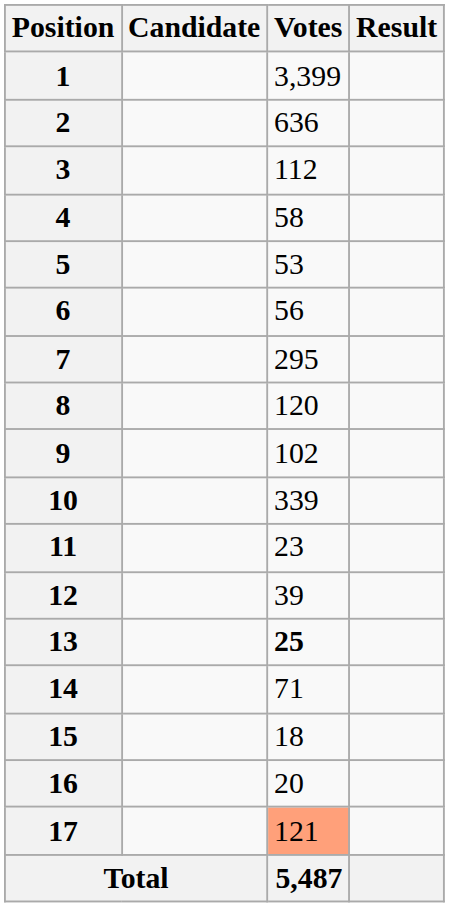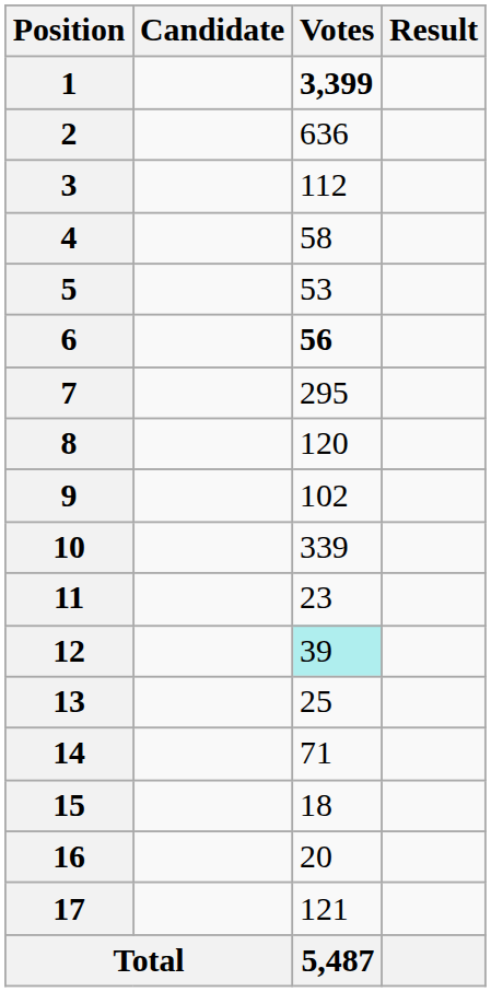 <table class="wikitable sortable col3right">
 <tr>
 <th scope="col">Position</th>
 <th scope="col">Candidate</th>
 <th scope="col">Votes</th>
 <th scope="col">Result</th>
 </tr>
 <tr>
 <th scope="row">1</th>
 <td></td>
-<td>3,399</td>
+<td><strong>3,399</strong></td>
 <td></td>
 </tr>
 <tr>
 <th scope="row">2</th>
 <td></td>
 <td>636</td>
 <td></td>
 </tr>
 <tr>
 <th scope="row">3</th>
 <td></td>
 <td>112</td>
 <td></td>
 </tr>
 <tr>
 <th scope="row">4</th>
 <td></td>
 <td>58</td>
 <td></td>
 </tr>
 <tr>
 <th scope="row">5</th>
 <td></td>
 <td>53</td>
 <td></td>
 </tr>
 <tr>
 <th scope="row">6</th>
 <td></td>
-<td>56</td>
+<td><strong>56</strong></td>
 <td></td>
 </tr>
 <tr>
 <th scope="row">7</th>
 <td></td>
 <td>295</td>
 <td></td>
 </tr>
 <tr>
 <th scope="row">8</th>
 <td></td>
 <td>120</td>
 <td></td>
 </tr>
 <tr>
 <th scope="row">9</th>
 <td></td>
 <td>102</td>
 <td></td>
 </tr>
 <tr>
 <th scope="row">10</th>
 <td></td>
 <td>339</td>
 <td></td>
 </tr>
 <tr>
 <th scope="row">11</th>
 <td></td>
 <td>23</td>
 <td></td>
 </tr>
 <tr>
 <th scope="row">12</th>
 <td></td>
-<td>39</td>
+<td style="background: paleturquoise;">39</td>
 <td></td>
 </tr>
 <tr>
 <th scope="row">13</th>
 <td></td>
-<td><strong>25</strong></td>
+<td>25</td>
 <td></td>
 </tr>
 <tr>
 <th scope="row">14</th>
 <td></td>
 <td>71</td>
 <td></td>
 </tr>
 <tr>
 <th scope="row">15</th>
 <td></td>
 <td>18</td>
 <td></td>
 </tr>
 <tr>
 <th scope="row">16</th>
 <td></td>
 <td>20</td>
 <td></td>
 </tr>
 <tr>
 <th scope="row">17</th>
 <td></td>
-<td style="background: lightsalmon;">121</td>
+<td>121</td>
 <td></td>
 </tr>
 <tr class=sortbottom>
 <th scope="row" colspan="2">Total</th>
 <th style="text-align:right">5,487</th>
 <th></th>
 </tr>
 </table>
